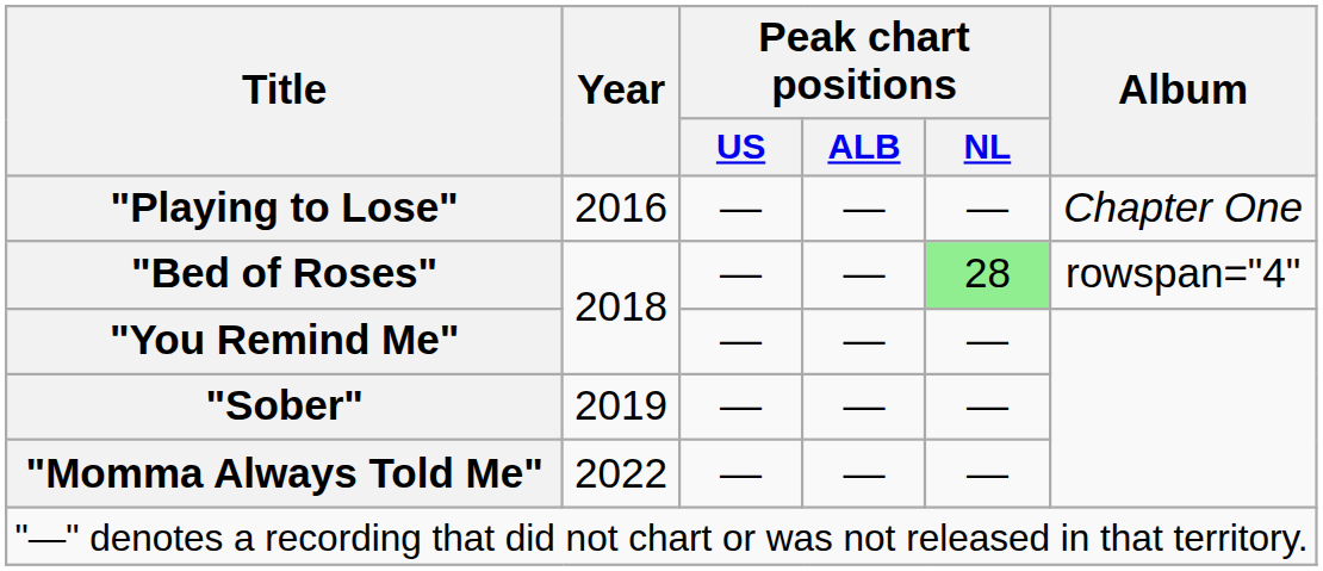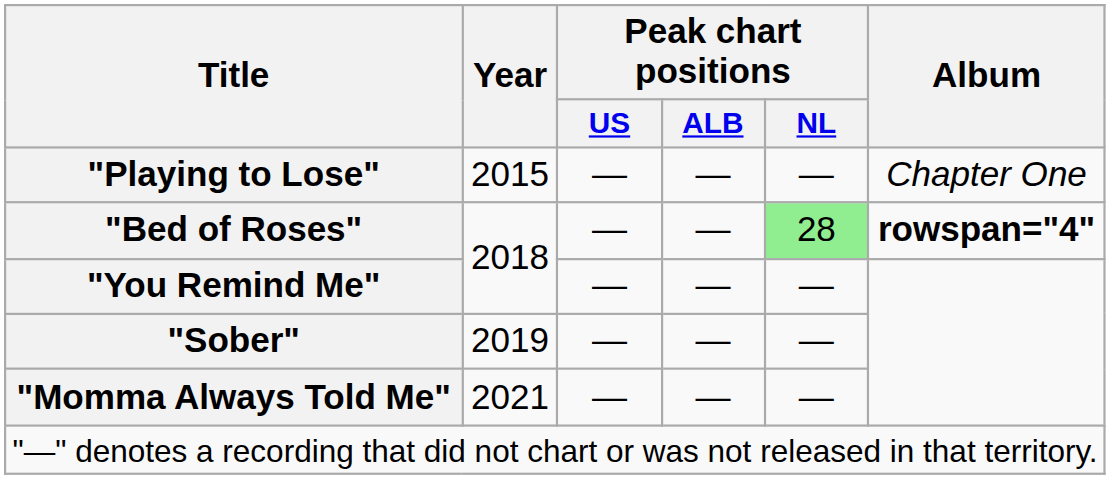 <table class="wikitable plainrowheaders" style="text-align:center;">
 <tr>
 <th scope="col" rowspan="2">Title</th>
 <th scope="col" rowspan="2">Year</th>
 <th scope="col" colspan="3">Peak chart positions</th>
 <th scope="col" rowspan="2">Album</th>
 </tr>
 <tr>
 <th scope="col" style="width:3em;font-size:85%;"><a href='#'>US</a><br></th>
 <th scope="col" style="width:3em;font-size:85%;"><a href='#'>ALB</a><br></th>
 <th scope="col" style="width:3em;font-size:85%;"><a href='#'>NL</a><br></th>
 </tr>
 <tr>
 <th scope="row">"Playing to Lose"<br></th>
-<td>2016</td>
+<td>2015</td>
 <td>—</td>
 <td>—</td>
 <td>—</td>
 <td><em>Chapter One</em></td>
 </tr>
 <tr>
 <th scope="row">"Bed of Roses"<br></th>
 <td rowspan="2">2018</td>
 <td>—</td>
 <td>—</td>
 <td style="background: lightgreen;">28</td>
-<td>rowspan="4" </td>
+<td><strong>rowspan="4" </strong></td>
 </tr>
 <tr>
 <th scope="row">"You Remind Me"<br></th>
 <td>—</td>
 <td>—</td>
 <td>—</td>
 </tr>
 <tr>
 <th scope="row">"Sober"<br></th>
 <td>2019</td>
 <td>—</td>
 <td>—</td>
 <td>—</td>
 </tr>
 <tr>
 <th scope="row">"Momma Always Told Me"<br></th>
-<td>2022</td>
+<td>2021</td>
 <td>—</td>
 <td>—</td>
 <td>—</td>
 </tr>
 <tr>
 <td colspan="11" style="font-size:90%">"—" denotes a recording that did not chart or was not released in that territory.</td>
 </tr>
 </table>
